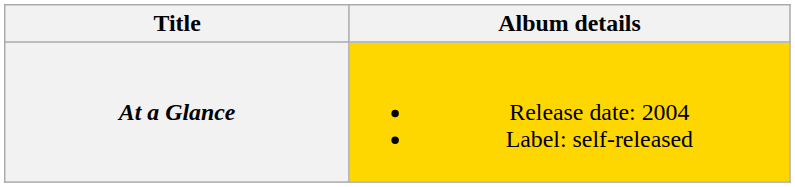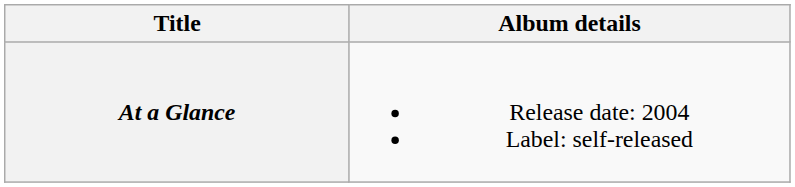 <table class="wikitable plainrowheaders" style="text-align:center;">
 <tr>
 <th style="width:14em;">Title</th>
 <th style="width:18em;">Album details</th>
 </tr>
 <tr>
 <th scope="row"><em>At a Glance</em></th>
-<td style="background: gold;"><br><ul><li>Release date: 2004</li><li>Label: self-released</li></ul></td>
+<td><br><ul><li>Release date: 2004</li><li>Label: self-released</li></ul></td>
 </tr>
 </table>
